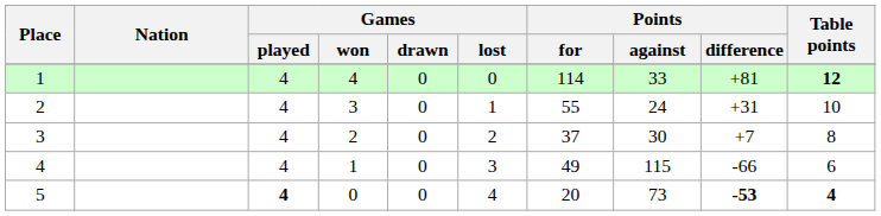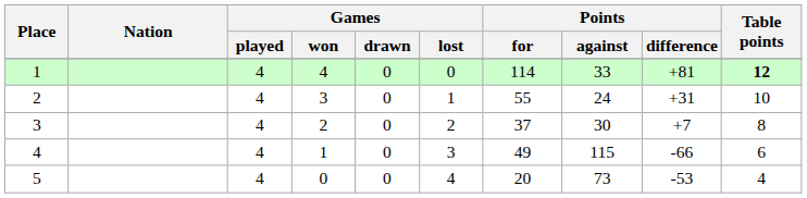 <table class="wikitable">
 <tr>
 <th rowspan=2 width="8%">Place</th>
 <th rowspan=2 width="20%">Nation</th>
 <th colspan=4 width="32%">Games</th>
 <th colspan=3 width="30%">Points</th>
 <th rowspan=2 width="10%">Table<br>points</th>
 </tr>
 <tr>
 <th width="8%">played</th>
 <th width="8%">won</th>
 <th width="8%">drawn</th>
 <th width="8%">lost</th>
 <th width="10%">for</th>
 <th width="10%">against</th>
 <th width="10%">difference</th>
 </tr>
 <tr>
 </tr>
 <tr bgcolor=#ccffcc align=center>
 <td>1</td>
 <td align=left><strong></strong></td>
 <td>4</td>
 <td>4</td>
 <td>0</td>
 <td>0</td>
 <td>114</td>
 <td>33</td>
 <td>+81</td>
 <td><strong>12</strong></td>
 </tr>
 <tr bgcolor=#ffffff align=center>
 <td>2</td>
 <td align=left></td>
 <td>4</td>
 <td>3</td>
 <td>0</td>
 <td>1</td>
 <td>55</td>
 <td>24</td>
 <td>+31</td>
 <td>10</td>
 </tr>
 <tr bgcolor=#ffffff align=center>
 <td>3</td>
 <td align=left></td>
 <td>4</td>
 <td>2</td>
 <td>0</td>
 <td>2</td>
 <td>37</td>
 <td>30</td>
 <td>+7</td>
 <td>8</td>
 </tr>
 <tr bgcolor=#ffffff align=center>
 <td>4</td>
 <td align=left></td>
 <td>4</td>
 <td>1</td>
 <td>0</td>
 <td>3</td>
 <td>49</td>
 <td>115</td>
 <td>-66</td>
 <td>6</td>
 </tr>
 <tr bgcolor=#ffffff align=center>
 <td>5</td>
 <td align=left></td>
-<td><strong>4</strong></td>
+<td>4</td>
 <td>0</td>
 <td>0</td>
 <td>4</td>
 <td>20</td>
 <td>73</td>
-<td><strong>-53</strong></td>
-<td><strong>4</strong></td>
+<td>-53</td>
+<td>4</td>
 </tr>
 </table>
